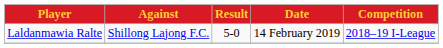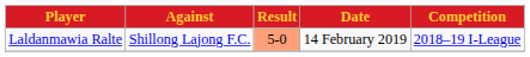 <table class="wikitable sortable">
 <tr>
 <th style="background:#d71a23; color:#ffcd31; text-align:center;">Player</th>
 <th style="background:#d71a23; color:#ffcd31; text-align:center;">Against</th>
 <th style="background:#d71a23; color:#ffcd31; text-align:center;">Result</th>
 <th style="background:#d71a23; color:#ffcd31; text-align:center;">Date</th>
 <th style="background:#d71a23; color:#ffcd31; text-align:center;">Competition</th>
 </tr>
 <tr align="center">
 <td><a href='#'>Laldanmawia Ralte</a></td>
 <td><a href='#'>Shillong Lajong F.C.</a></td>
-<td>5-0</td>
+<td style="background: lightsalmon;">5-0</td>
 <td>14 February 2019</td>
 <td><a href='#'>2018–19 I-League</a></td>
 </tr>
 <tr>
 </tr>
 </table>
